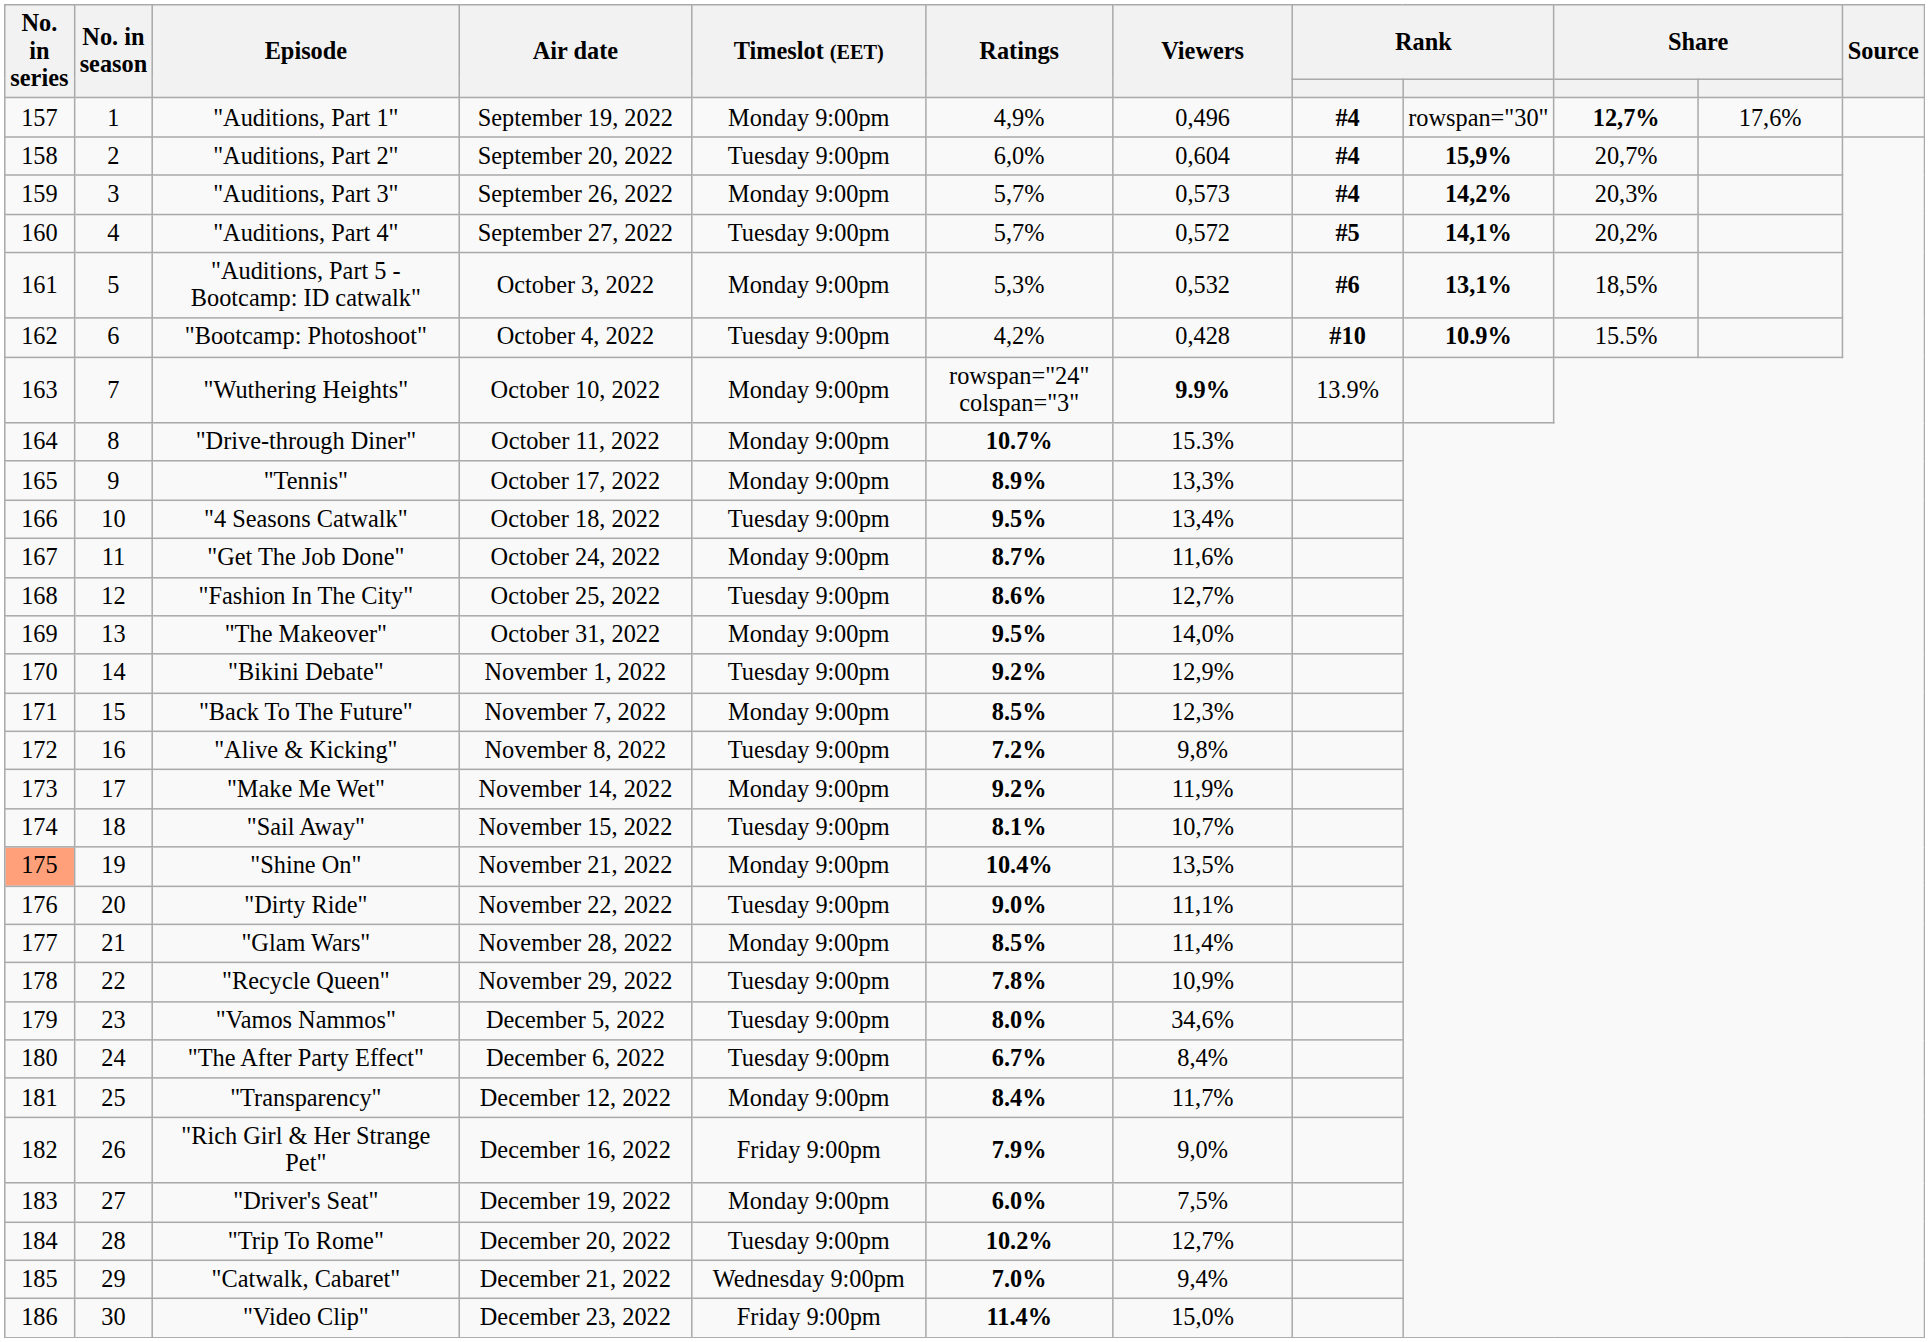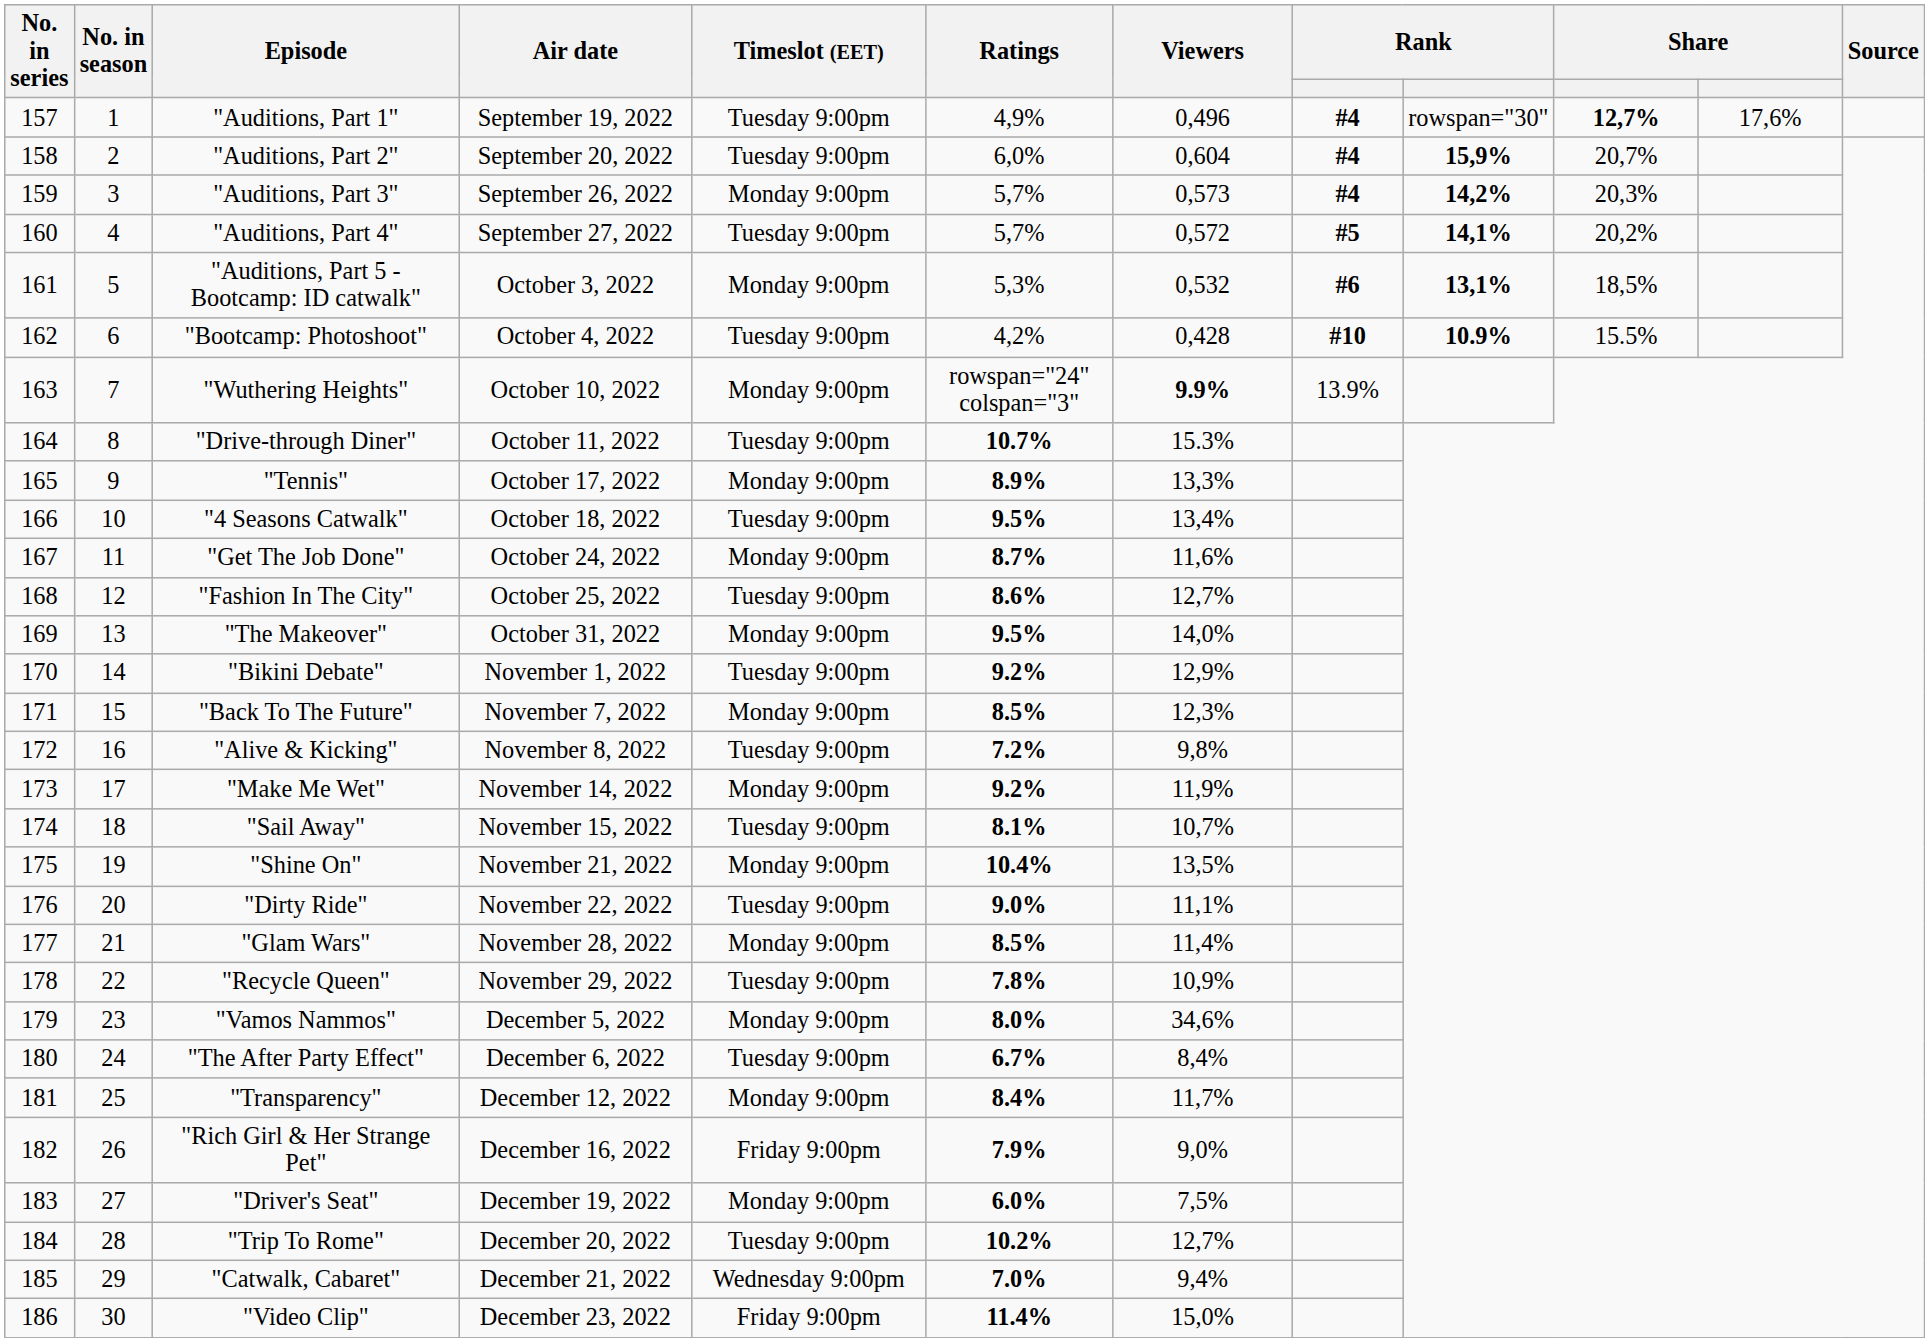 <table style="font-size:100%; text-align:center; width: 100%; margin-left: auto; margin-right: auto;" class="wikitable">
 <tr>
 <th rowspan="2" width="03%">No. in<br>series</th>
 <th rowspan="2" width="04%">No. in<br>season</th>
 <th rowspan="2" width="17%">Episode</th>
 <th rowspan="2" width="13%">Air date</th>
 <th rowspan="2" width="13%">Timeslot <small>(EET)</small></th>
 <th rowspan="2" width="10%">Ratings</th>
 <th rowspan="2" width="10%">Viewers<br><small></small></th>
 <th colspan="2" width="12%">Rank</th>
 <th colspan="2" width="20%">Share</th>
 <th rowspan="2" width="03%">Source</th>
 </tr>
 <tr style="font-size:85%;">
 <th width="06%"></th>
 <th width="06%"></th>
 <th width="08%"></th>
 <th width="08%"></th>
 </tr>
 <tr>
 <td>157</td>
 <td>1</td>
 <td>"Auditions, Part 1"</td>
 <td>September 19, 2022</td>
-<td>Monday 9:00pm</td>
+<td>Tuesday 9:00pm</td>
 <td>4,9%</td>
 <td>0,496</td>
 <td><strong>#4</strong></td>
 <td>rowspan="30" </td>
 <td><strong>12,7%</strong></td>
 <td>17,6%</td>
 <td></td>
 </tr>
 <tr>
 <td>158</td>
 <td>2</td>
 <td>"Auditions, Part 2"</td>
 <td>September 20, 2022</td>
 <td>Tuesday 9:00pm</td>
 <td>6,0%</td>
 <td>0,604</td>
 <td><strong>#4</strong></td>
 <td><strong>15,9%</strong></td>
 <td>20,7%</td>
 <td></td>
 </tr>
 <tr>
 <td>159</td>
 <td>3</td>
 <td>"Auditions, Part 3"</td>
 <td>September 26, 2022</td>
 <td>Monday 9:00pm</td>
 <td>5,7%</td>
 <td>0,573</td>
 <td><strong>#4</strong></td>
 <td><strong>14,2%</strong></td>
 <td>20,3%</td>
 <td></td>
 </tr>
 <tr>
 <td>160</td>
 <td>4</td>
 <td>"Auditions, Part 4"</td>
 <td>September 27, 2022</td>
 <td>Tuesday 9:00pm</td>
 <td>5,7%</td>
 <td>0,572</td>
 <td><strong>#5</strong></td>
 <td><strong>14,1%</strong></td>
 <td>20,2%</td>
 <td></td>
 </tr>
 <tr>
 <td>161</td>
 <td>5</td>
 <td>"Auditions, Part 5 - Bootcamp: ID catwalk"</td>
 <td>October 3, 2022</td>
 <td>Monday 9:00pm</td>
 <td>5,3%</td>
 <td>0,532</td>
 <td><strong>#6</strong></td>
 <td><strong>13,1%</strong></td>
 <td>18,5%</td>
 <td></td>
 </tr>
 <tr>
 <td>162</td>
 <td>6</td>
 <td>"Bootcamp: Photoshoot"</td>
 <td>October 4, 2022</td>
 <td>Tuesday 9:00pm</td>
 <td>4,2%</td>
 <td>0,428</td>
 <td><strong>#10</strong></td>
 <td><strong>10.9%</strong></td>
 <td>15.5%</td>
 <td></td>
 </tr>
 <tr>
 <td>163</td>
 <td>7</td>
 <td>"Wuthering Heights"</td>
 <td>October 10, 2022</td>
 <td>Monday 9:00pm</td>
 <td>rowspan="24" colspan="3" </td>
 <td><strong>9.9%</strong></td>
 <td>13.9%</td>
 <td></td>
 </tr>
 <tr>
 <td>164</td>
 <td>8</td>
 <td>"Drive-through Diner"</td>
 <td>October 11, 2022</td>
-<td>Monday 9:00pm</td>
+<td>Tuesday 9:00pm</td>
 <td><strong> 10.7%</strong></td>
 <td>15.3%</td>
 <td></td>
 </tr>
 <tr>
 <td>165</td>
 <td>9</td>
 <td>"Tennis"</td>
 <td>October 17, 2022</td>
 <td>Monday 9:00pm</td>
 <td><strong>8.9%</strong></td>
 <td>13,3%</td>
 <td></td>
 </tr>
 <tr>
 <td>166</td>
 <td>10</td>
 <td>"4 Seasons Catwalk"</td>
 <td>October 18, 2022</td>
 <td>Tuesday 9:00pm</td>
 <td><strong>9.5%</strong></td>
 <td>13,4%</td>
 <td></td>
 </tr>
 <tr>
 <td>167</td>
 <td>11</td>
 <td>"Get The Job Done"</td>
 <td>October 24, 2022</td>
 <td>Monday 9:00pm</td>
 <td><strong>8.7%</strong></td>
 <td>11,6%</td>
 <td></td>
 </tr>
 <tr>
 <td>168</td>
 <td>12</td>
 <td>"Fashion In The City"</td>
 <td>October 25, 2022</td>
 <td>Tuesday 9:00pm</td>
 <td><strong>8.6%</strong></td>
 <td>12,7%</td>
 <td></td>
 </tr>
 <tr>
 <td>169</td>
 <td>13</td>
 <td>"The Makeover"</td>
 <td>October 31, 2022</td>
 <td>Monday 9:00pm</td>
 <td><strong>9.5%</strong></td>
 <td>14,0%</td>
 <td></td>
 </tr>
 <tr>
 <td>170</td>
 <td>14</td>
 <td>"Bikini Debate"</td>
 <td>November 1, 2022</td>
 <td>Tuesday 9:00pm</td>
 <td><strong>9.2%</strong></td>
 <td>12,9%</td>
 <td></td>
 </tr>
 <tr>
 <td>171</td>
 <td>15</td>
 <td>"Back To The Future"</td>
 <td>November 7, 2022</td>
 <td>Monday 9:00pm</td>
 <td><strong>8.5%</strong></td>
 <td>12,3%</td>
 <td></td>
 </tr>
 <tr>
 <td>172</td>
 <td>16</td>
 <td>"Alive & Kicking"</td>
 <td>November 8, 2022</td>
 <td>Tuesday 9:00pm</td>
 <td><strong>7.2%</strong></td>
 <td>9,8%</td>
 <td></td>
 </tr>
 <tr>
 <td>173</td>
 <td>17</td>
 <td>"Make Me Wet"</td>
 <td>November 14, 2022</td>
 <td>Monday 9:00pm</td>
 <td><strong>9.2%</strong></td>
 <td>11,9%</td>
 <td></td>
 </tr>
 <tr>
 <td>174</td>
 <td>18</td>
 <td>"Sail Away"</td>
 <td>November 15, 2022</td>
 <td>Tuesday 9:00pm</td>
 <td><strong>8.1%</strong></td>
 <td>10,7%</td>
 <td></td>
 </tr>
 <tr>
-<td style="background: lightsalmon;">175</td>
+<td>175</td>
 <td>19</td>
 <td>"Shine On"</td>
 <td>November 21, 2022</td>
 <td>Monday 9:00pm</td>
 <td><strong>10.4%</strong></td>
 <td>13,5%</td>
 <td></td>
 </tr>
 <tr>
 <td>176</td>
 <td>20</td>
 <td>"Dirty Ride"</td>
 <td>November 22, 2022</td>
 <td>Tuesday 9:00pm</td>
 <td><strong>9.0%</strong></td>
 <td>11,1%</td>
 <td></td>
 </tr>
 <tr>
 <td>177</td>
 <td>21</td>
 <td>"Glam Wars"</td>
 <td>November 28, 2022</td>
 <td>Monday 9:00pm</td>
 <td><strong>8.5%</strong></td>
 <td>11,4%</td>
 <td></td>
 </tr>
 <tr>
 <td>178</td>
 <td>22</td>
 <td>"Recycle Queen"</td>
 <td>November 29, 2022</td>
 <td>Tuesday 9:00pm</td>
 <td><strong>7.8%</strong></td>
 <td>10,9%</td>
 <td></td>
 </tr>
 <tr>
 <td>179</td>
 <td>23</td>
 <td>"Vamos Nammos"</td>
 <td>December 5, 2022</td>
-<td>Tuesday 9:00pm</td>
+<td>Monday 9:00pm</td>
 <td><strong>8.0%</strong></td>
 <td>34,6%</td>
 <td></td>
 </tr>
 <tr>
 <td>180</td>
 <td>24</td>
 <td>"The After Party Effect"</td>
 <td>December 6, 2022</td>
 <td>Tuesday 9:00pm</td>
 <td><strong>6.7%</strong></td>
 <td>8,4%</td>
 <td></td>
 </tr>
 <tr>
 <td>181</td>
 <td>25</td>
 <td>"Transparency"</td>
 <td>December 12, 2022</td>
 <td>Monday 9:00pm</td>
 <td><strong>8.4%</strong></td>
 <td>11,7%</td>
 <td></td>
 </tr>
 <tr>
 <td>182</td>
 <td>26</td>
 <td>"Rich Girl & Her Strange Pet"</td>
 <td>December 16, 2022</td>
 <td>Friday 9:00pm</td>
 <td><strong>7.9%</strong></td>
 <td>9,0%</td>
 <td></td>
 </tr>
 <tr>
 <td>183</td>
 <td>27</td>
 <td>"Driver's Seat"</td>
 <td>December 19, 2022</td>
 <td>Monday 9:00pm</td>
 <td><strong>6.0%</strong></td>
 <td>7,5%</td>
 <td></td>
 </tr>
 <tr>
 <td>184</td>
 <td>28</td>
 <td>"Trip To Rome"</td>
 <td>December 20, 2022</td>
 <td>Tuesday 9:00pm</td>
 <td><strong>10.2%</strong></td>
 <td>12,7%</td>
 <td></td>
 </tr>
 <tr>
 <td>185</td>
 <td>29</td>
 <td>"Catwalk, Cabaret"</td>
 <td>December 21, 2022</td>
 <td>Wednesday 9:00pm</td>
 <td><strong>7.0%</strong></td>
 <td>9,4%</td>
 <td></td>
 </tr>
 <tr>
 <td>186</td>
 <td>30</td>
 <td>"Video Clip"</td>
 <td>December 23, 2022</td>
 <td>Friday 9:00pm</td>
 <td><strong>11.4%</strong></td>
 <td>15,0%</td>
 <td></td>
 </tr>
 </table>
